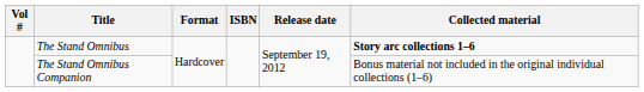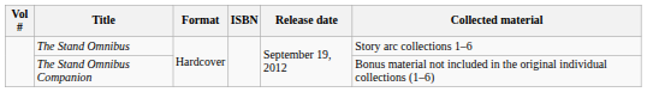 <table class="wikitable">
 <tr>
 <th>Vol #</th>
 <th>Title</th>
 <th>Format</th>
 <th>ISBN</th>
 <th>Release date</th>
 <th>Collected material</th>
 </tr>
 <tr>
 <td rowspan=2></td>
 <td><em>The Stand Omnibus</em></td>
 <td rowspan=2>Hardcover</td>
 <td rowspan=2></td>
 <td rowspan=2>September 19, 2012</td>
-<td><strong>Story arc collections 1–6</strong></td>
+<td>Story arc collections 1–6</td>
 </tr>
 <tr>
 <td><em>The Stand Omnibus Companion</em></td>
 <td>Bonus material not included in the original individual collections (1–6)</td>
 </tr>
 </table>
